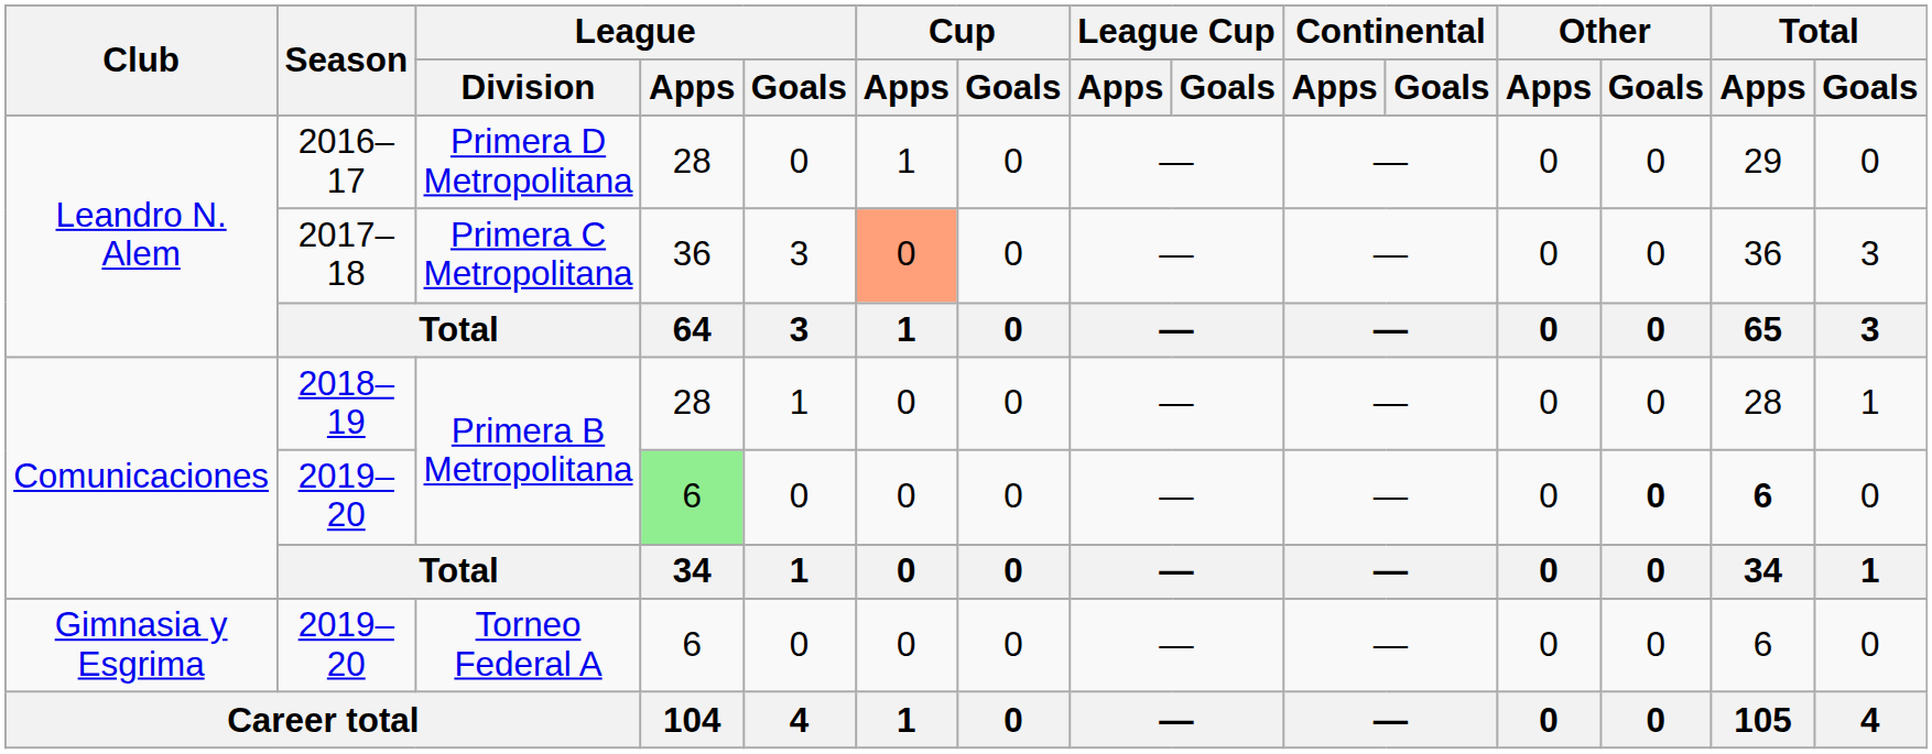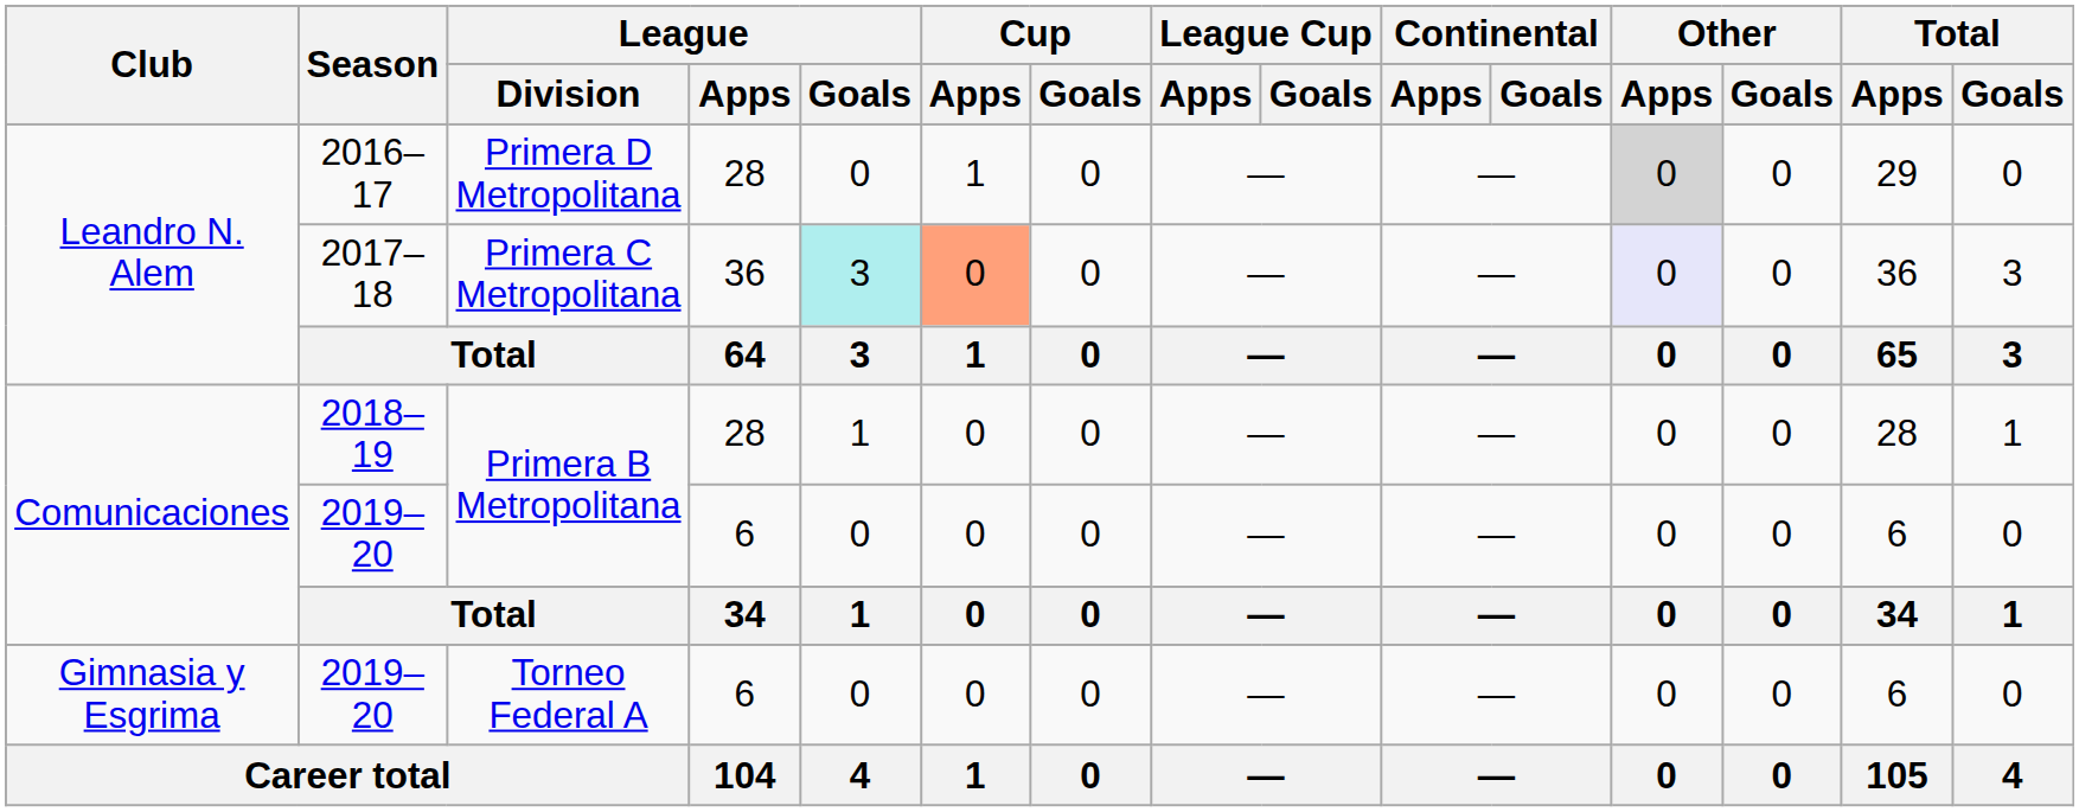 <table class="wikitable" style="text-align:center">
 <tr>
 <th rowspan="2">Club</th>
 <th rowspan="2">Season</th>
 <th colspan="3">League</th>
 <th colspan="2">Cup</th>
 <th colspan="2">League Cup</th>
 <th colspan="2">Continental</th>
 <th colspan="2">Other</th>
 <th colspan="2">Total</th>
 </tr>
 <tr>
 <th>Division</th>
 <th>Apps</th>
 <th>Goals</th>
 <th>Apps</th>
 <th>Goals</th>
 <th>Apps</th>
 <th>Goals</th>
 <th>Apps</th>
 <th>Goals</th>
 <th>Apps</th>
 <th>Goals</th>
 <th>Apps</th>
 <th>Goals</th>
 </tr>
 <tr>
 <td rowspan="3"><a href='#'>Leandro N. Alem</a></td>
 <td>2016–17</td>
 <td rowspan="1"><a href='#'>Primera D Metropolitana</a></td>
 <td>28</td>
 <td>0</td>
 <td>1</td>
 <td>0</td>
 <td colspan="2">—</td>
 <td colspan="2">—</td>
-<td>0</td>
+<td style="background: lightgrey;">0</td>
 <td>0</td>
 <td>29</td>
 <td>0</td>
 </tr>
 <tr>
 <td>2017–18</td>
 <td rowspan="1"><a href='#'>Primera C Metropolitana</a></td>
 <td>36</td>
-<td>3</td>
+<td style="background: paleturquoise;">3</td>
 <td style="background: lightsalmon;">0</td>
 <td>0</td>
 <td colspan="2">—</td>
 <td colspan="2">—</td>
-<td>0</td>
+<td style="background: lavender;">0</td>
 <td>0</td>
 <td>36</td>
 <td>3</td>
 </tr>
 <tr>
 <th colspan="2">Total</th>
 <th>64</th>
 <th>3</th>
 <th>1</th>
 <th>0</th>
 <th colspan="2">—</th>
 <th colspan="2">—</th>
 <th>0</th>
 <th>0</th>
 <th>65</th>
 <th>3</th>
 </tr>
 <tr>
 <td rowspan="3"><a href='#'>Comunicaciones</a></td>
 <td><a href='#'>2018–19</a></td>
 <td rowspan="2"><a href='#'>Primera B Metropolitana</a></td>
 <td>28</td>
 <td>1</td>
 <td>0</td>
 <td>0</td>
 <td colspan="2">—</td>
 <td colspan="2">—</td>
 <td>0</td>
 <td>0</td>
 <td>28</td>
 <td>1</td>
 </tr>
 <tr>
 <td><a href='#'>2019–20</a></td>
-<td style="background: lightgreen;">6</td>
+<td>6</td>
 <td>0</td>
 <td>0</td>
 <td>0</td>
 <td colspan="2">—</td>
 <td colspan="2">—</td>
 <td>0</td>
-<td><strong>0</strong></td>
-<td><strong>6</strong></td>
+<td>0</td>
+<td>6</td>
 <td>0</td>
 </tr>
 <tr>
 <th colspan="2">Total</th>
 <th>34</th>
 <th>1</th>
 <th>0</th>
 <th>0</th>
 <th colspan="2">—</th>
 <th colspan="2">—</th>
 <th>0</th>
 <th>0</th>
 <th>34</th>
 <th>1</th>
 </tr>
 <tr>
 <td rowspan="1"><a href='#'>Gimnasia y Esgrima</a></td>
 <td><a href='#'>2019–20</a></td>
 <td rowspan="1"><a href='#'>Torneo Federal A</a></td>
 <td>6</td>
 <td>0</td>
 <td>0</td>
 <td>0</td>
 <td colspan="2">—</td>
 <td colspan="2">—</td>
 <td>0</td>
 <td>0</td>
 <td>6</td>
 <td>0</td>
 </tr>
 <tr>
 <th colspan="3">Career total</th>
 <th>104</th>
 <th>4</th>
 <th>1</th>
 <th>0</th>
 <th colspan="2">—</th>
 <th colspan="2">—</th>
 <th>0</th>
 <th>0</th>
 <th>105</th>
 <th>4</th>
 </tr>
 </table>
